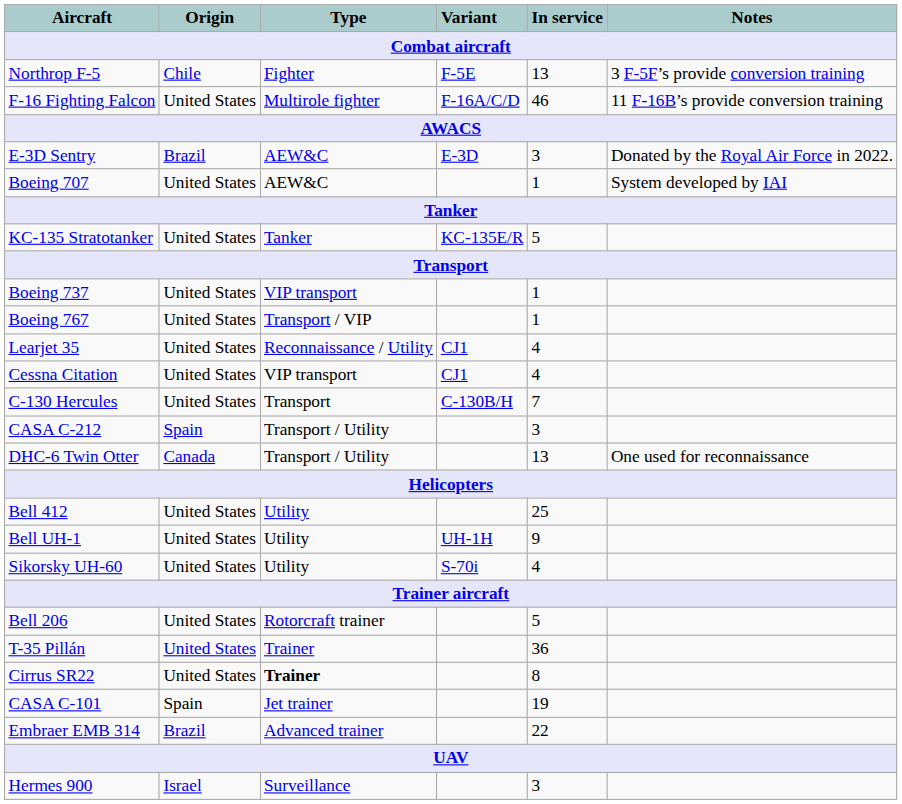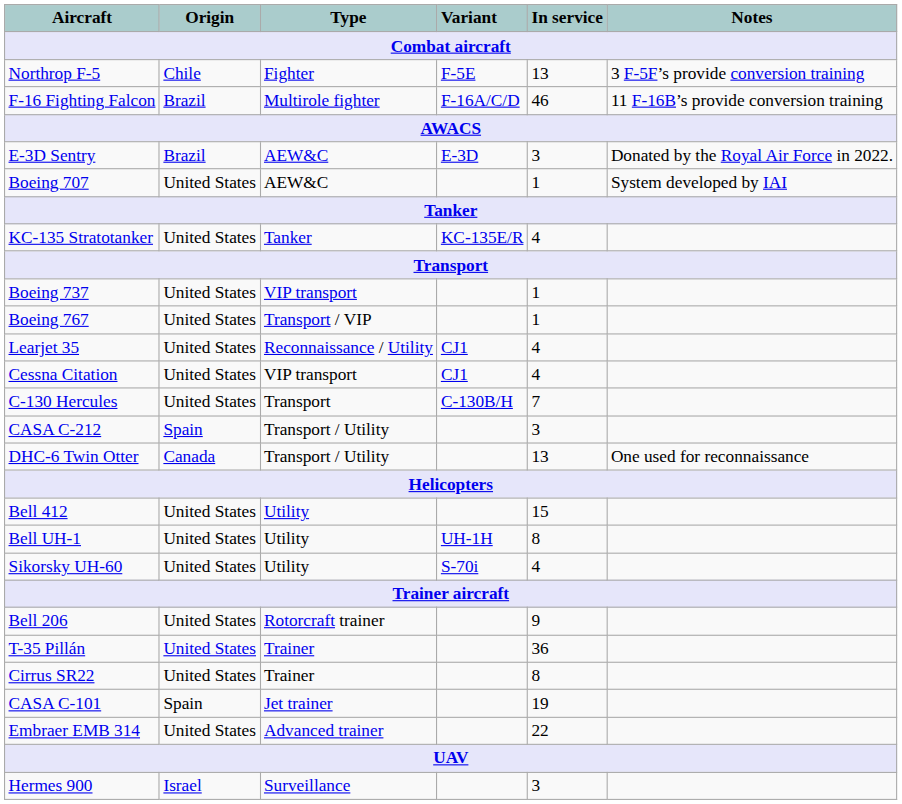 <table class="wikitable">
 <tr>
 <th style="text-align:center; background:#acc;">Aircraft</th>
 <th style="text-align: center; background:#acc;">Origin</th>
 <th style="text-align:l center; background:#acc;">Type</th>
 <th style="text-align:left; background:#acc;">Variant</th>
 <th style="text-align:center; background:#acc;">In service</th>
 <th style="text-align: center; background:#acc;">Notes</th>
 </tr>
 <tr>
 <th style="align: center; background: lavender;" colspan="7"><a href='#'>Combat aircraft</a></th>
 </tr>
 <tr>
 <td><a href='#'>Northrop F-5</a></td>
 <td><a href='#'>Chile</a></td>
 <td><a href='#'>Fighter</a></td>
 <td><a href='#'>F-5E</a></td>
 <td>13</td>
 <td>3 <a href='#'>F-5F</a>’s provide <a href='#'>conversion training</a></td>
 </tr>
 <tr>
 <td><a href='#'>F-16 Fighting Falcon</a></td>
-<td>United States</td>
+<td><a href='#'>Brazil</a></td>
 <td><a href='#'>Multirole fighter</a></td>
 <td><a href='#'>F-16A/C/D</a></td>
 <td>46</td>
 <td>11 <a href='#'>F-16B</a>’s provide conversion training</td>
 </tr>
 <tr>
 <th style="align: center; background: lavender;" colspan="7"><a href='#'>AWACS</a></th>
 </tr>
 <tr>
 <td><a href='#'>E-3D Sentry</a></td>
 <td><a href='#'>Brazil</a></td>
 <td><a href='#'>AEW&C</a></td>
 <td><a href='#'>E-3D</a></td>
 <td>3</td>
 <td>Donated by the <a href='#'>Royal Air Force</a> in 2022.</td>
 </tr>
 <tr>
 <td><a href='#'>Boeing 707</a></td>
 <td>United States</td>
 <td>AEW&C</td>
 <td></td>
 <td>1</td>
 <td>System developed by <a href='#'>IAI</a></td>
 </tr>
 <tr>
 <th style="align: center; background: lavender;" colspan="7"><a href='#'>Tanker</a></th>
 </tr>
 <tr>
 <td><a href='#'>KC-135 Stratotanker</a></td>
 <td>United States</td>
 <td><a href='#'>Tanker</a></td>
 <td><a href='#'>KC-135E/R</a></td>
-<td>5</td>
+<td>4</td>
 <td></td>
 </tr>
 <tr>
 <th style="align: center; background: lavender;" colspan="7"><a href='#'>Transport</a></th>
 </tr>
 <tr>
 <td><a href='#'>Boeing 737</a></td>
 <td>United States</td>
 <td><a href='#'>VIP transport</a></td>
 <td></td>
 <td>1</td>
 <td></td>
 </tr>
 <tr servicio de la fach en octubre2024  Military transport aircraft>
 <td><a href='#'>Boeing 767</a></td>
 <td>United States</td>
 <td><a href='#'>Transport</a> / VIP</td>
 <td></td>
 <td>1</td>
 <td></td>
 </tr>
 <tr>
 <td><a href='#'>Learjet 35</a></td>
 <td>United States</td>
 <td><a href='#'>Reconnaissance</a> / <a href='#'>Utility</a></td>
 <td><a href='#'>CJ1</a></td>
 <td>4</td>
 <td></td>
 </tr>
 <tr>
 <td><a href='#'>Cessna Citation</a></td>
 <td>United States</td>
 <td>VIP transport</td>
 <td><a href='#'>CJ1</a></td>
 <td>4</td>
 <td></td>
 </tr>
 <tr>
 <td><a href='#'>C-130 Hercules</a></td>
 <td>United States</td>
 <td>Transport</td>
 <td><a href='#'>C-130B/H</a></td>
 <td>7</td>
 <td></td>
 </tr>
 <tr>
 <td><a href='#'>CASA C-212</a></td>
 <td><a href='#'>Spain</a></td>
 <td>Transport / Utility</td>
 <td></td>
 <td>3</td>
 <td></td>
 </tr>
 <tr>
 <td><a href='#'>DHC-6 Twin Otter</a></td>
 <td><a href='#'>Canada</a></td>
 <td>Transport / Utility</td>
 <td></td>
 <td>13</td>
 <td>One used for reconnaissance</td>
 </tr>
 <tr>
 <th style="align: center; background: lavender;" colspan="7"><a href='#'>Helicopters</a></th>
 </tr>
 <tr>
 <td><a href='#'>Bell 412</a></td>
 <td>United States</td>
 <td><a href='#'>Utility</a></td>
 <td></td>
-<td>25</td>
+<td>15</td>
 <td></td>
 </tr>
 <tr>
 <td><a href='#'>Bell UH-1</a></td>
 <td>United States</td>
 <td>Utility</td>
 <td><a href='#'>UH-1H</a></td>
-<td>9</td>
+<td>8</td>
 <td></td>
 </tr>
 <tr>
 <td><a href='#'> Sikorsky UH-60</a></td>
 <td>United States</td>
 <td>Utility</td>
 <td><a href='#'>S-70i</a></td>
 <td>4</td>
 <td></td>
 </tr>
 <tr>
 <th style="align: center; background: lavender;" colspan="7"><a href='#'>Trainer aircraft</a></th>
 </tr>
 <tr>
 <td><a href='#'>Bell 206</a></td>
 <td>United States</td>
 <td><a href='#'>Rotorcraft</a> trainer</td>
 <td></td>
-<td>5</td>
+<td>9</td>
 <td></td>
 </tr>
 <tr>
 <td><a href='#'> T-35 Pillán</a></td>
 <td><a href='#'>United States</a></td>
 <td><a href='#'>Trainer</a></td>
 <td></td>
 <td>36</td>
 <td></td>
 </tr>
 <tr>
 <td><a href='#'>Cirrus SR22</a></td>
 <td>United States</td>
-<td><strong>Trainer</strong></td>
+<td>Trainer</td>
 <td></td>
 <td>8</td>
 <td></td>
 </tr>
 <tr>
 <td><a href='#'>CASA C-101</a></td>
 <td>Spain</td>
 <td><a href='#'>Jet trainer</a></td>
 <td></td>
 <td>19</td>
 <td></td>
 </tr>
 <tr>
 <td><a href='#'>Embraer EMB 314</a></td>
-<td><a href='#'>Brazil</a></td>
+<td>United States</td>
 <td><a href='#'>Advanced trainer</a></td>
 <td></td>
 <td>22</td>
 <td></td>
 </tr>
 <tr>
 <th style="align: center; background: lavender;" colspan="7"><a href='#'>UAV</a></th>
 </tr>
 <tr>
 <td><a href='#'>Hermes 900</a></td>
 <td><a href='#'>Israel</a></td>
 <td><a href='#'>Surveillance</a></td>
 <td></td>
 <td>3</td>
 <td></td>
 </tr>
 </table>
